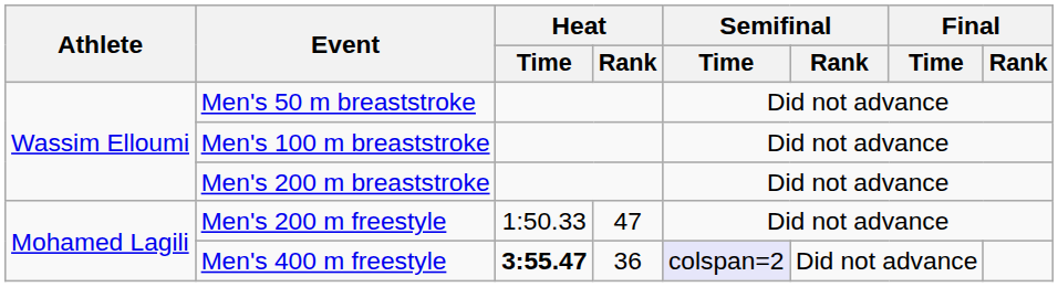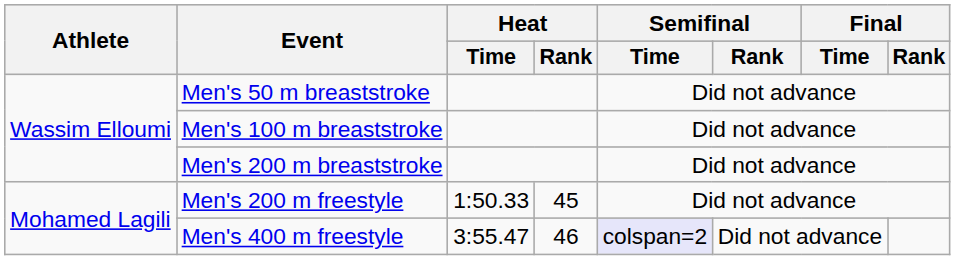 <table class=wikitable style="font-size:90%">
 <tr>
 <th rowspan="2">Athlete</th>
 <th rowspan="2">Event</th>
 <th colspan="2">Heat</th>
 <th colspan="2">Semifinal</th>
 <th colspan="2">Final</th>
 </tr>
 <tr style="font-size:95%">
 <th>Time</th>
 <th>Rank</th>
 <th>Time</th>
 <th>Rank</th>
 <th>Time</th>
 <th>Rank</th>
 </tr>
 <tr align=center>
 <td align=left rowspan=3><a href='#'>Wassim Elloumi</a></td>
 <td align=left><a href='#'>Men's 50 m breaststroke</a></td>
 <td colspan=2></td>
 <td colspan=4>Did not advance</td>
 </tr>
 <tr align=center>
 <td align=left><a href='#'>Men's 100 m breaststroke</a></td>
 <td colspan=2></td>
 <td colspan=4>Did not advance</td>
 </tr>
 <tr align=center>
 <td align=left><a href='#'>Men's 200 m breaststroke</a></td>
 <td colspan=2></td>
 <td colspan=4>Did not advance</td>
 </tr>
 <tr align=center>
 <td align=left rowspan=2><a href='#'>Mohamed Lagili</a></td>
 <td align=left><a href='#'>Men's 200 m freestyle</a></td>
 <td>1:50.33</td>
-<td>47</td>
+<td>45</td>
 <td colspan=4>Did not advance</td>
 </tr>
 <tr align=center>
 <td align=left><a href='#'>Men's 400 m freestyle</a></td>
-<td><strong>3:55.47</strong></td>
-<td>36</td>
+<td>3:55.47</td>
+<td>46</td>
 <td style="background: lavender;">colspan=2 </td>
 <td colspan=2>Did not advance</td>
 </tr>
 </table>
